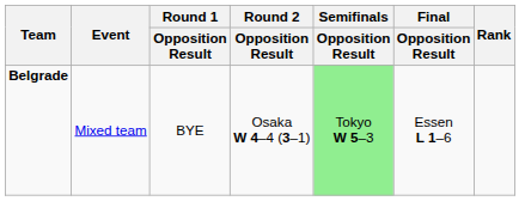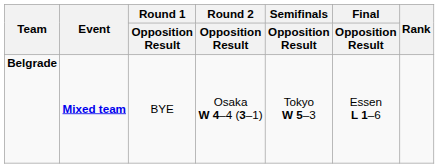 <table class="wikitable" border="1" style="font-size:90%">
 <tr>
 <th rowspan=2>Team</th>
 <th rowspan=2>Event</th>
 <th>Round 1</th>
 <th>Round 2</th>
 <th>Semifinals</th>
 <th>Final</th>
 <th rowspan=2>Rank</th>
 </tr>
 <tr>
 <th>Opposition<br>Result</th>
 <th>Opposition<br>Result</th>
 <th>Opposition<br>Result</th>
 <th>Opposition<br>Result</th>
 </tr>
 <tr>
 <td><strong>Belgrade</strong><br><br><br><br><br><br><br><br></td>
-<td><a href='#'>Mixed team</a></td>
+<td><strong><a href='#'>Mixed team</a></strong></td>
 <td align=center>BYE</td>
 <td align=center>Osaka <br> <strong>W</strong> <strong>4</strong>–4 (<strong>3</strong>–1)</td>
-<td align=center style="background: lightgreen;">Tokyo <br> <strong>W</strong> <strong>5</strong>–3</td>
+<td align=center>Tokyo <br> <strong>W</strong> <strong>5</strong>–3</td>
 <td align=center>Essen <br> <strong>L</strong> <strong>1</strong>–6</td>
 <td align=center></td>
 </tr>
 </table>
